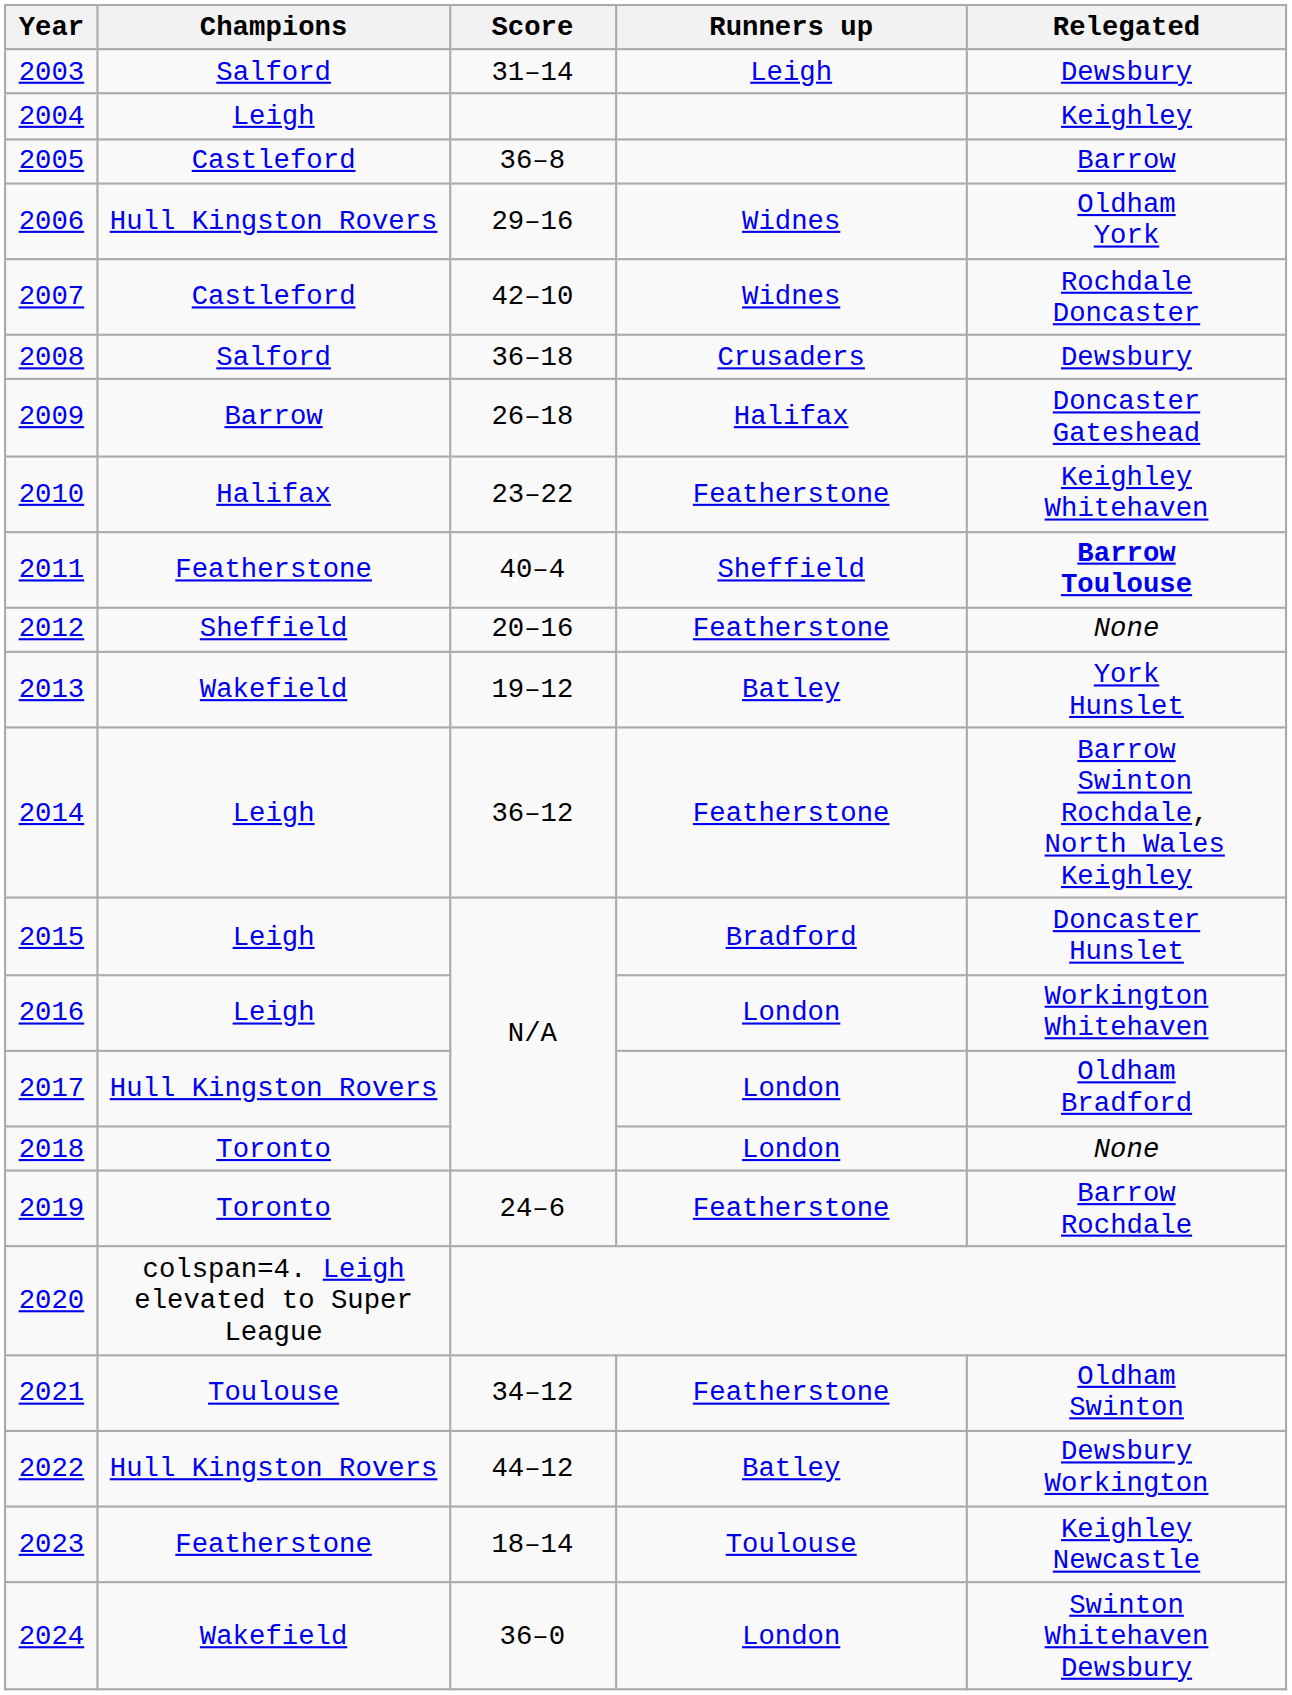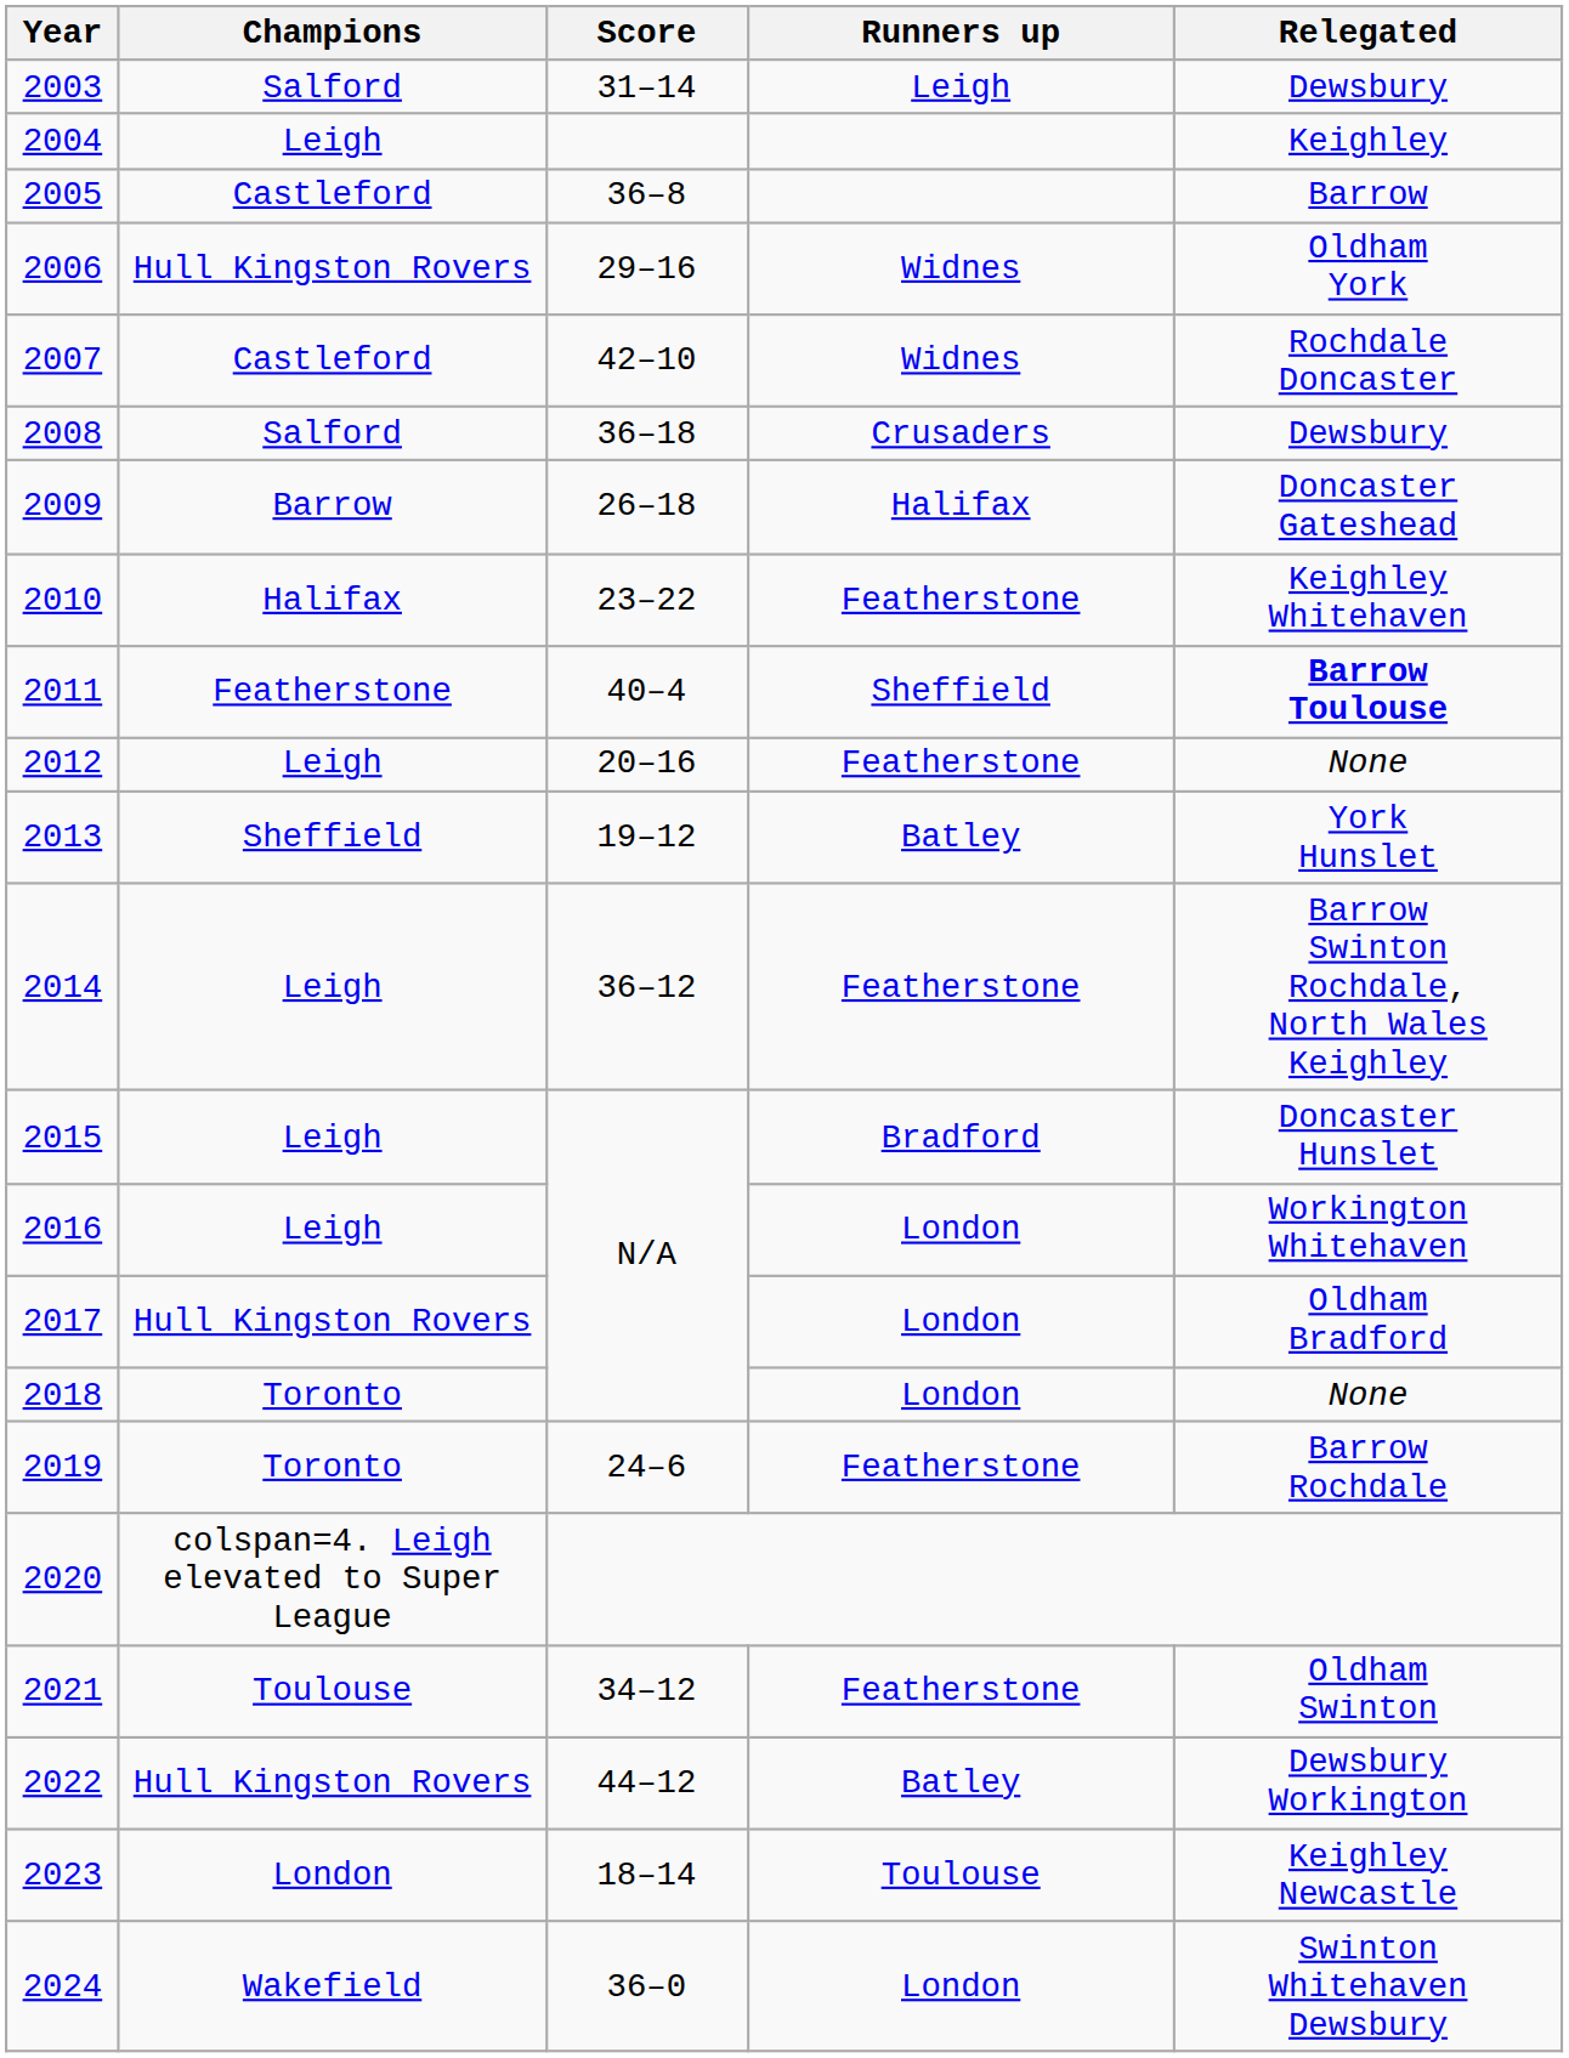 <table class="wikitable" style="text-align: center;">
 <tr>
 <th width=1%>Year</th>
 <th width=10%>Champions</th>
 <th width=5%>Score</th>
 <th width=10%>Runners up</th>
 <th width=10%>Relegated</th>
 </tr>
 <tr>
 <td><a href='#'>2003</a></td>
 <td> <a href='#'>Salford</a></td>
 <td>31–14</td>
 <td> <a href='#'>Leigh</a></td>
 <td> <a href='#'>Dewsbury</a></td>
 </tr>
 <tr>
 <td><a href='#'>2004</a></td>
 <td> <a href='#'>Leigh</a></td>
 <td></td>
 <td></td>
 <td> <a href='#'>Keighley</a></td>
 </tr>
 <tr>
 <td><a href='#'>2005</a></td>
 <td> <a href='#'>Castleford</a></td>
 <td>36–8</td>
 <td></td>
 <td> <a href='#'>Barrow</a><br></td>
 </tr>
 <tr>
 <td><a href='#'>2006</a></td>
 <td> <a href='#'>Hull Kingston Rovers</a></td>
 <td>29–16</td>
 <td> <a href='#'>Widnes</a></td>
 <td> <a href='#'>Oldham</a><br>   <a href='#'>York</a></td>
 </tr>
 <tr>
 <td><a href='#'>2007</a></td>
 <td> <a href='#'>Castleford</a></td>
 <td>42–10</td>
 <td> <a href='#'>Widnes</a></td>
 <td> <a href='#'>Rochdale</a><br> <a href='#'>Doncaster</a></td>
 </tr>
 <tr>
 <td><a href='#'>2008</a></td>
 <td> <a href='#'>Salford</a></td>
 <td>36–18</td>
 <td> <a href='#'>Crusaders</a></td>
 <td> <a href='#'>Dewsbury</a></td>
 </tr>
 <tr>
 <td><a href='#'>2009</a></td>
 <td> <a href='#'>Barrow</a></td>
 <td>26–18</td>
 <td> <a href='#'>Halifax</a></td>
 <td> <a href='#'>Doncaster</a><br> <a href='#'>Gateshead</a></td>
 </tr>
 <tr>
 <td><a href='#'>2010</a></td>
 <td> <a href='#'>Halifax</a></td>
 <td>23–22</td>
 <td> <a href='#'>Featherstone</a></td>
 <td> <a href='#'>Keighley</a><br> <a href='#'>Whitehaven</a></td>
 </tr>
 <tr>
 <td><a href='#'>2011</a></td>
 <td> <a href='#'>Featherstone</a></td>
 <td>40–4</td>
 <td> <a href='#'>Sheffield</a></td>
 <td><strong> <a href='#'>Barrow</a><br> <a href='#'>Toulouse</a></strong></td>
 </tr>
 <tr>
 <td><a href='#'>2012</a></td>
-<td> <a href='#'>Sheffield</a></td>
+<td> <a href='#'>Leigh</a></td>
 <td>20–16</td>
 <td> <a href='#'>Featherstone</a></td>
 <td><em>None</em></td>
 </tr>
 <tr>
 <td><a href='#'>2013</a></td>
-<td> <a href='#'>Wakefield</a><br></td>
+<td> <a href='#'>Sheffield</a></td>
 <td>19–12</td>
 <td> <a href='#'>Batley</a></td>
 <td> <a href='#'>York</a><br> <a href='#'>Hunslet</a></td>
 </tr>
 <tr>
 <td><a href='#'>2014</a></td>
 <td> <a href='#'>Leigh</a></td>
 <td>36–12</td>
 <td> <a href='#'>Featherstone</a></td>
 <td> <a href='#'>Barrow</a><br> <a href='#'>Swinton</a><br> <a href='#'>Rochdale</a>,<br> <a href='#'>North Wales</a><br> <a href='#'>Keighley</a></td>
 </tr>
 <tr>
 <td><a href='#'>2015</a></td>
 <td> <a href='#'>Leigh</a></td>
 <td rowspan=4>N/A</td>
 <td> <a href='#'>Bradford</a></td>
 <td> <a href='#'>Doncaster</a><br> <a href='#'>Hunslet</a></td>
 </tr>
 <tr>
 <td><a href='#'>2016</a></td>
 <td> <a href='#'>Leigh</a></td>
 <td> <a href='#'>London</a></td>
 <td> <a href='#'>Workington</a><br> <a href='#'>Whitehaven</a></td>
 </tr>
 <tr>
 <td><a href='#'>2017</a></td>
 <td> <a href='#'>Hull Kingston Rovers</a></td>
 <td> <a href='#'>London</a></td>
 <td> <a href='#'>Oldham</a><br> <a href='#'>Bradford</a></td>
 </tr>
 <tr>
 <td><a href='#'>2018</a></td>
 <td> <a href='#'>Toronto</a></td>
 <td> <a href='#'>London</a></td>
 <td><em>None</em></td>
 </tr>
 <tr>
 <td><a href='#'>2019</a></td>
 <td> <a href='#'>Toronto</a></td>
 <td>24–6</td>
 <td> <a href='#'>Featherstone</a></td>
 <td> <a href='#'>Barrow</a><br> <a href='#'>Rochdale</a></td>
 </tr>
 <tr>
 <td><a href='#'>2020</a></td>
 <td>colspan=4.  <a href='#'>Leigh</a> elevated to Super League</td>
 </tr>
 <tr>
 <td><a href='#'>2021</a></td>
 <td> <a href='#'>Toulouse</a></td>
 <td>34–12</td>
 <td> <a href='#'>Featherstone</a></td>
 <td> <a href='#'>Oldham</a><br> <a href='#'>Swinton</a></td>
 </tr>
 <tr>
 <td><a href='#'>2022</a></td>
 <td> <a href='#'>Hull Kingston Rovers</a></td>
 <td>44–12</td>
 <td> <a href='#'>Batley</a></td>
 <td> <a href='#'>Dewsbury</a> <br>  <a href='#'>Workington</a></td>
 </tr>
 <tr>
 <td><a href='#'>2023</a></td>
-<td> <a href='#'>Featherstone</a></td>
+<td> <a href='#'>London</a></td>
 <td>18–14</td>
 <td> <a href='#'>Toulouse</a></td>
 <td> <a href='#'>Keighley</a><br> <a href='#'>Newcastle</a></td>
 </tr>
 <tr>
 <td><a href='#'>2024</a></td>
 <td> <a href='#'>Wakefield</a><br></td>
 <td>36–0</td>
 <td> <a href='#'>London</a></td>
 <td> <a href='#'>Swinton</a><br> <a href='#'>Whitehaven</a><br> <a href='#'>Dewsbury</a></td>
 </tr>
 </table>
